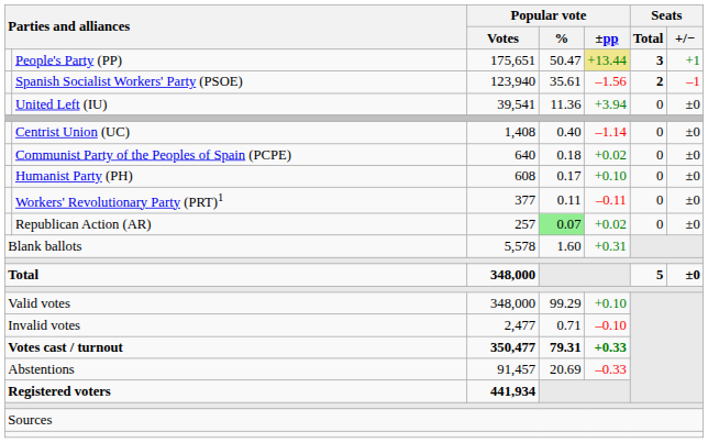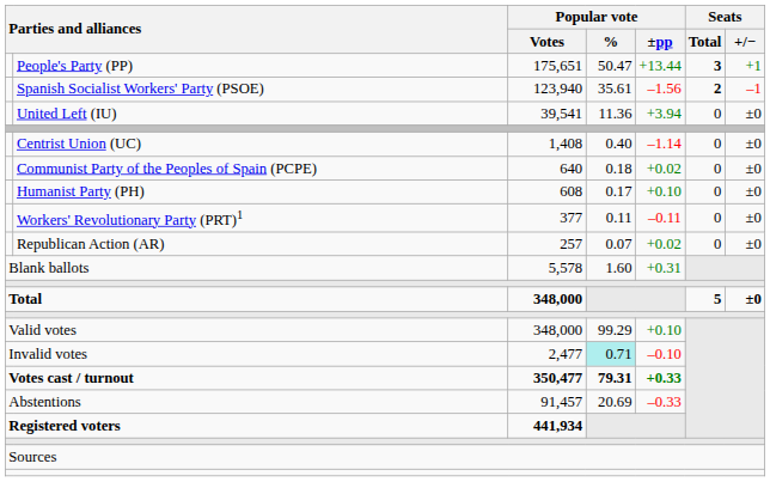 <table class="wikitable" style="text-align:right;">
 <tr>
 <th style="text-align:left;" rowspan="2" colspan="2" width="525">Parties and alliances</th>
 <th colspan="3">Popular vote</th>
 <th colspan="2">Seats</th>
 </tr>
 <tr>
 <th width="75">Votes</th>
 <th width="45">%</th>
 <th width="45">±<a href='#'>pp</a></th>
 <th width="35">Total</th>
 <th width="35">+/−</th>
 </tr>
 <tr>
 <td width="1" style="color:inherit;background:"></td>
 <td align="left"><a href='#'>People's Party</a> (PP)</td>
 <td>175,651</td>
 <td>50.47</td>
-<td style="background: khaki; color:green;">+13.44</td>
+<td style="color:green;">+13.44</td>
 <td><strong>3</strong></td>
 <td style="color:green;">+1</td>
 </tr>
 <tr>
 <td style="color:inherit;background:"></td>
 <td align="left"><a href='#'>Spanish Socialist Workers' Party</a> (PSOE)</td>
 <td>123,940</td>
 <td>35.61</td>
 <td style="color:red;">–1.56</td>
 <td><strong>2</strong></td>
 <td style="color:red;">–1</td>
 </tr>
 <tr>
 <td style="color:inherit;background:"></td>
 <td align="left"><a href='#'>United Left</a> (IU)</td>
 <td>39,541</td>
 <td>11.36</td>
 <td style="color:green;">+3.94</td>
 <td>0</td>
 <td>±0</td>
 </tr>
 <tr>
 <td colspan="7" bgcolor="#C0C0C0"></td>
 </tr>
 <tr>
 <td style="color:inherit;background:"></td>
 <td align="left"><a href='#'>Centrist Union</a> (UC)</td>
 <td>1,408</td>
 <td>0.40</td>
 <td style="color:red;">–1.14</td>
 <td>0</td>
 <td>±0</td>
 </tr>
 <tr>
 <td style="color:inherit;background:"></td>
 <td align="left"><a href='#'>Communist Party of the Peoples of Spain</a> (PCPE)</td>
 <td>640</td>
 <td>0.18</td>
 <td style="color:green;">+0.02</td>
 <td>0</td>
 <td>±0</td>
 </tr>
 <tr>
 <td style="color:inherit;background:"></td>
 <td align="left"><a href='#'>Humanist Party</a> (PH)</td>
 <td>608</td>
 <td>0.17</td>
 <td style="color:green;">+0.10</td>
 <td>0</td>
 <td>±0</td>
 </tr>
 <tr>
 <td style="color:inherit;background:"></td>
 <td align="left"><a href='#'>Workers' Revolutionary Party</a> (PRT)<sup>1</sup></td>
 <td>377</td>
 <td>0.11</td>
 <td style="color:red;">–0.11</td>
 <td>0</td>
 <td>±0</td>
 </tr>
 <tr>
 <td style="color:inherit;background:"></td>
 <td align="left">Republican Action (AR)</td>
 <td>257</td>
-<td style="background: lightgreen;">0.07</td>
+<td>0.07</td>
 <td style="color:green;">+0.02</td>
 <td>0</td>
 <td>±0</td>
 </tr>
 <tr>
 <td align="left" colspan="2">Blank ballots</td>
 <td>5,578</td>
 <td>1.60</td>
 <td style="color:green;">+0.31</td>
 <td bgcolor="#E9E9E9" colspan="2"></td>
 </tr>
 <tr>
 <td colspan="7" bgcolor="#E9E9E9"></td>
 </tr>
 <tr style="font-weight:bold;">
 <td align="left" colspan="2">Total</td>
 <td>348,000</td>
 <td bgcolor="#E9E9E9" colspan="2"></td>
 <td>5</td>
 <td>±0</td>
 </tr>
 <tr>
 <td colspan="7" bgcolor="#E9E9E9"></td>
 </tr>
 <tr>
 <td align="left" colspan="2">Valid votes</td>
 <td>348,000</td>
 <td>99.29</td>
 <td style="color:green;">+0.10</td>
 <td bgcolor="#E9E9E9" colspan="2" rowspan="5"></td>
 </tr>
 <tr>
 <td align="left" colspan="2">Invalid votes</td>
 <td>2,477</td>
-<td>0.71</td>
+<td style="background: paleturquoise;">0.71</td>
 <td style="color:red;">–0.10</td>
 </tr>
 <tr style="font-weight:bold;">
 <td align="left" colspan="2">Votes cast / turnout</td>
 <td>350,477</td>
 <td>79.31</td>
 <td style="color:green;">+0.33</td>
 </tr>
 <tr>
 <td align="left" colspan="2">Abstentions</td>
 <td>91,457</td>
 <td>20.69</td>
 <td style="color:red;">–0.33</td>
 </tr>
 <tr style="font-weight:bold;">
 <td align="left" colspan="2">Registered voters</td>
 <td>441,934</td>
 <td bgcolor="#E9E9E9" colspan="2"></td>
 </tr>
 <tr>
 <td colspan="7" bgcolor="#E9E9E9"></td>
 </tr>
 <tr>
 <td align="left" colspan="7">Sources</td>
 </tr>
 <tr>
 <td colspan="7" style="text-align:left; max-width:790px;"></td>
 </tr>
 </table>
